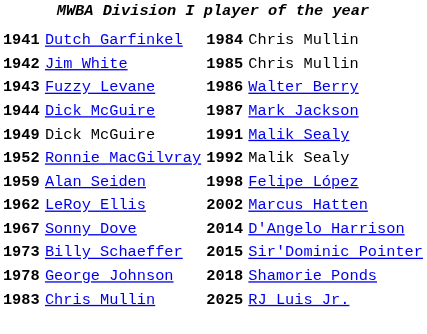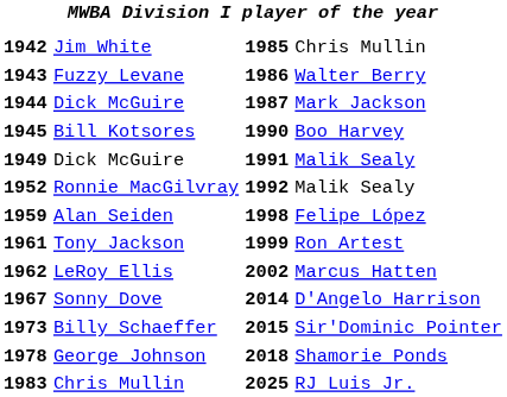 <table style="font-size:.9em;">
 <tr>
 <th colspan="4"><a href='#'></a><br><span><em>MWBA Division I player of the year</em></span></th>
 </tr>
 <tr>
 <td valign="top"></td>
-</tr>
-<tr>
-<td><strong>1941</strong></td>
-<td><a href='#'>Dutch Garfinkel</a></td>
-<td><strong>1984</strong></td>
-<td>Chris Mullin</td>
 </tr>
 <tr>
 <td><strong>1942</strong></td>
 <td><a href='#'>Jim White</a></td>
 <td><strong>1985</strong></td>
 <td>Chris Mullin</td>
 </tr>
 <tr>
 <td><strong>1943</strong></td>
 <td><a href='#'>Fuzzy Levane</a></td>
 <td><strong>1986</strong></td>
 <td><a href='#'>Walter Berry</a></td>
 </tr>
 <tr>
 <td><strong>1944</strong></td>
 <td><a href='#'>Dick McGuire</a></td>
 <td><strong>1987</strong></td>
 <td><a href='#'>Mark Jackson</a></td>
 </tr>
 <tr>
+<td><strong>1945</strong></td>
+<td><a href='#'>Bill Kotsores</a></td>
+<td><strong>1990</strong></td>
+<td><a href='#'>Boo Harvey</a></td>
+</tr>
+<tr>
 <td><strong>1949</strong></td>
 <td>Dick McGuire</td>
 <td><strong>1991</strong></td>
 <td><a href='#'>Malik Sealy</a></td>
 </tr>
 <tr>
 <td><strong>1952</strong></td>
 <td><a href='#'>Ronnie MacGilvray</a></td>
 <td><strong>1992</strong></td>
 <td>Malik Sealy</td>
 </tr>
 <tr>
 <td><strong>1959</strong></td>
 <td><a href='#'>Alan Seiden</a></td>
 <td><strong>1998</strong></td>
 <td><a href='#'>Felipe López</a></td>
+</tr>
+<tr>
+<td><strong>1961</strong></td>
+<td><a href='#'>Tony Jackson</a></td>
+<td><strong>1999</strong></td>
+<td><a href='#'>Ron Artest</a></td>
 </tr>
 <tr>
 <td><strong>1962</strong></td>
 <td><a href='#'>LeRoy Ellis</a></td>
 <td><strong>2002</strong></td>
 <td><a href='#'>Marcus Hatten</a></td>
 </tr>
 <tr>
 <td><strong>1967</strong></td>
 <td><a href='#'>Sonny Dove</a></td>
 <td><strong>2014</strong></td>
 <td><a href='#'>D'Angelo Harrison</a></td>
 </tr>
 <tr>
 <td><strong>1973</strong></td>
 <td><a href='#'>Billy Schaeffer</a></td>
 <td><strong>2015</strong></td>
 <td><a href='#'>Sir'Dominic Pointer</a></td>
 </tr>
 <tr>
 <td><strong>1978</strong></td>
 <td><a href='#'>George Johnson</a></td>
 <td><strong>2018</strong></td>
 <td><a href='#'>Shamorie Ponds</a></td>
 </tr>
 <tr>
 <td><strong>1983</strong></td>
 <td><a href='#'>Chris Mullin</a></td>
 <td><strong>2025</strong></td>
 <td><a href='#'>RJ Luis Jr.</a></td>
 </tr>
 </table>
